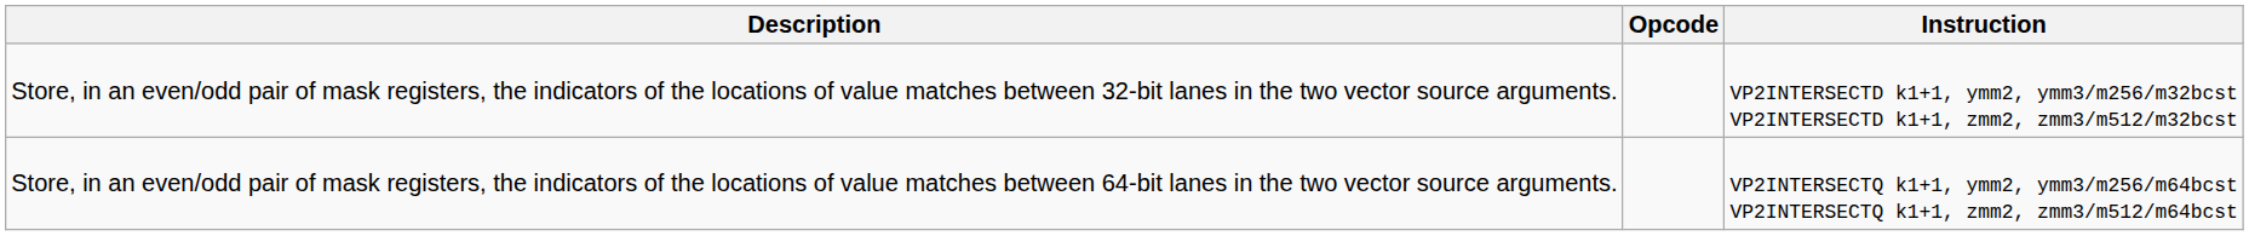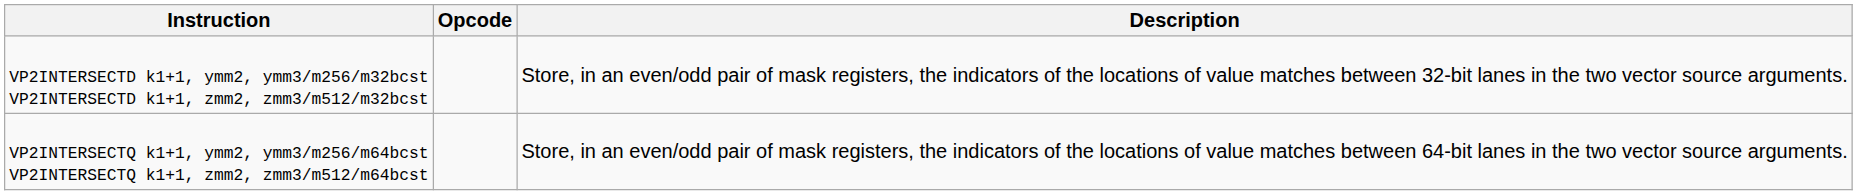 <table class="wikitable">
 <tr>
+<th>Instruction</th>
+<th>Opcode</th>
 <th>Description</th>
-<th>Opcode</th>
-<th>Instruction</th>
 </tr>
 <tr>
+<td><br><code>VP2INTERSECTD k1+1, ymm2, ymm3/m256/m32bcst</code><br><code>VP2INTERSECTD k1+1, zmm2, zmm3/m512/m32bcst</code></td>
+<td></td>
 <td>Store, in an even/odd pair of mask registers, the indicators of the locations of value matches between 32-bit lanes in the two vector source arguments.</td>
-<td></td>
-<td><br><code>VP2INTERSECTD k1+1, ymm2, ymm3/m256/m32bcst</code><br><code>VP2INTERSECTD k1+1, zmm2, zmm3/m512/m32bcst</code></td>
 </tr>
 <tr>
+<td><br><code>VP2INTERSECTQ k1+1, ymm2, ymm3/m256/m64bcst</code><br><code>VP2INTERSECTQ k1+1, zmm2, zmm3/m512/m64bcst</code></td>
+<td></td>
 <td>Store, in an even/odd pair of mask registers, the indicators of the locations of value matches between 64-bit lanes in the two vector source arguments.</td>
-<td></td>
-<td><br><code>VP2INTERSECTQ k1+1, ymm2, ymm3/m256/m64bcst</code><br><code>VP2INTERSECTQ k1+1, zmm2, zmm3/m512/m64bcst</code></td>
 </tr>
 </table>
